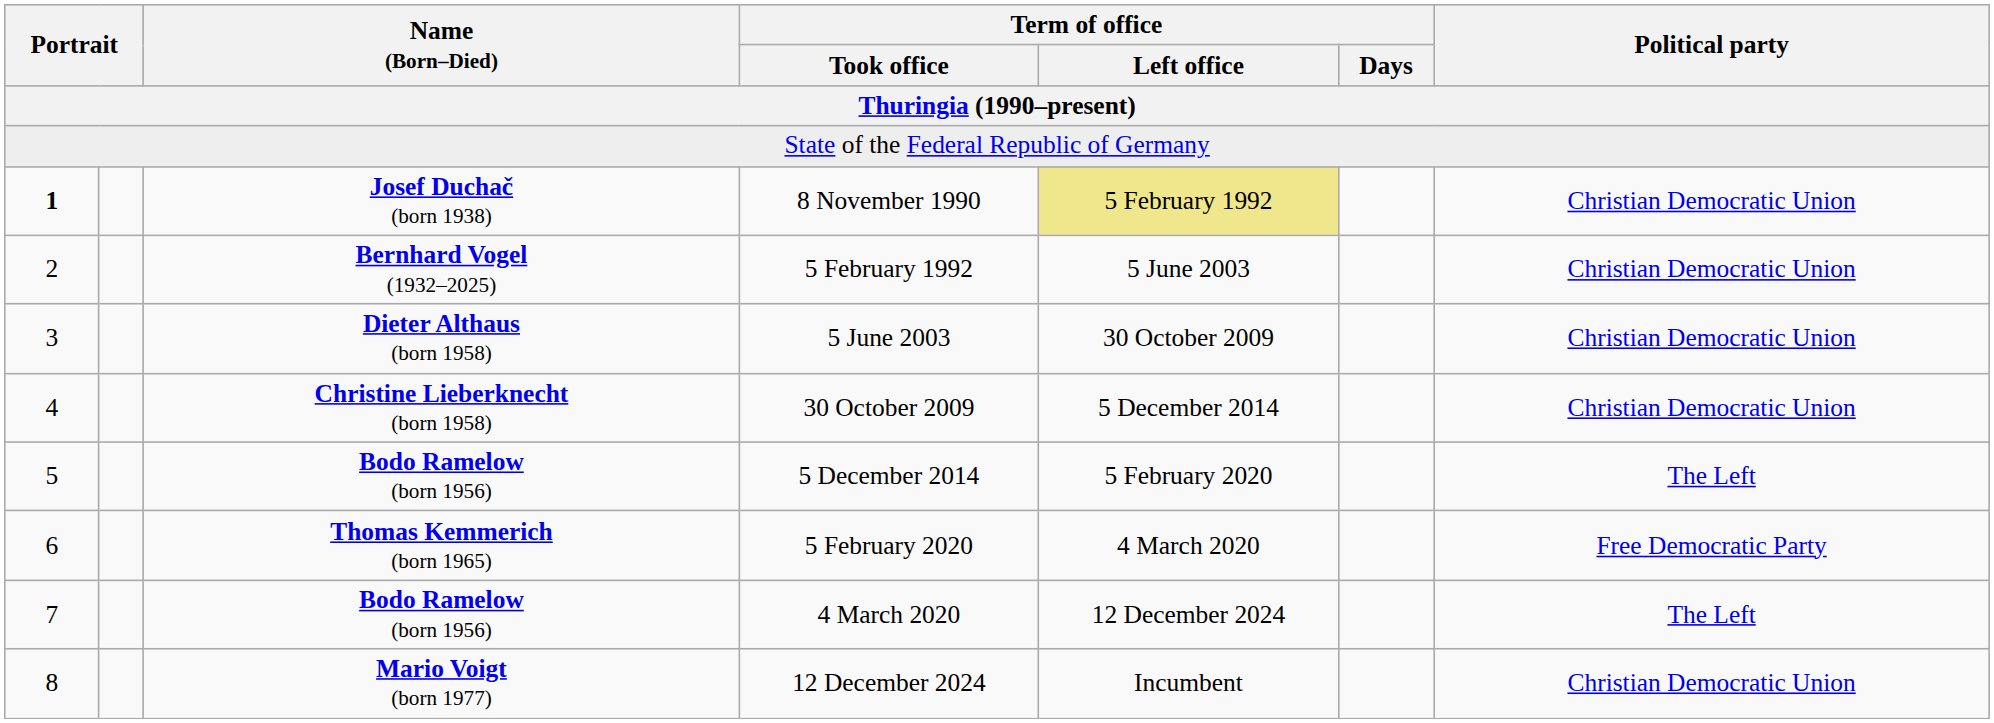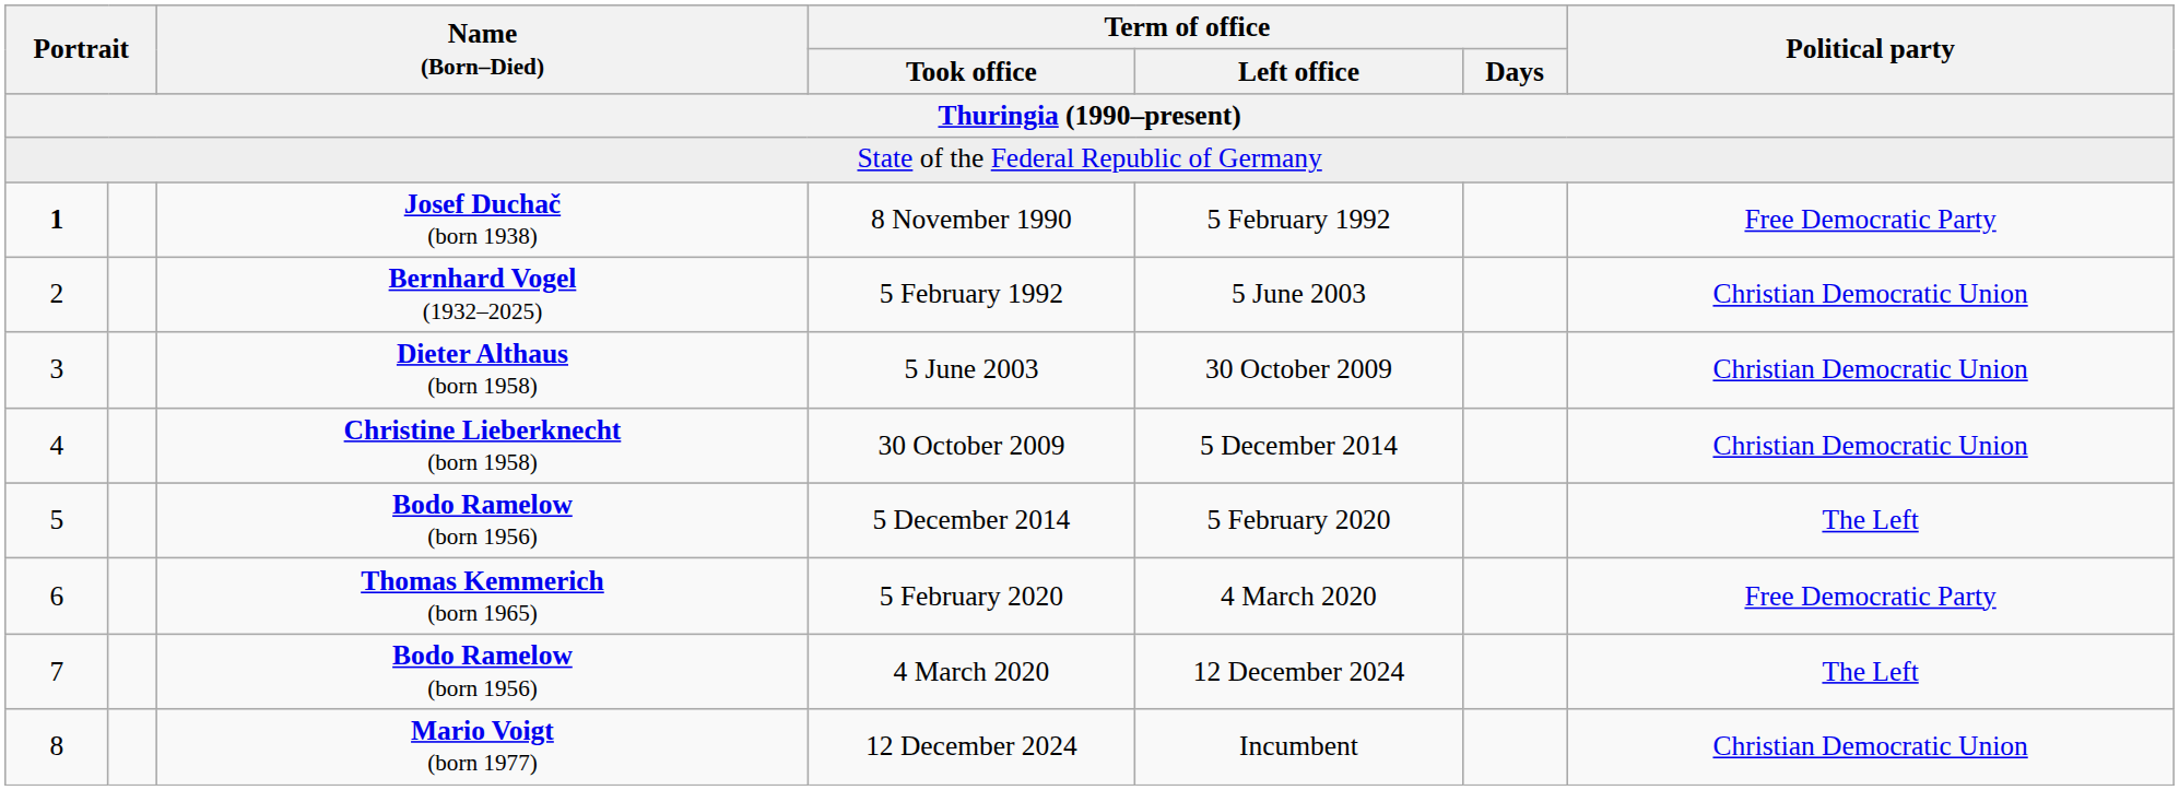 <table class="wikitable" style="text-align:center; border:1px #AAAAFF solid">
 <tr>
 <th width=80px rowspan=2 colspan=2>Portrait</th>
 <th width=30% rowspan=2>Name<br><small>(Born–Died)</small></th>
 <th width=35% colspan=3>Term of office</th>
 <th width=28% rowspan=2>Political party</th>
 </tr>
 <tr>
 <th>Took office</th>
 <th>Left office</th>
 <th>Days</th>
 </tr>
 <tr>
 <th colspan="7"><a href='#'>Thuringia</a> (1990–present)</th>
 </tr>
 <tr>
 <td bgcolor=#EEEEEE colspan=8><a href='#'>State</a> of the <a href='#'>Federal Republic of Germany</a></td>
 </tr>
 <tr>
 <td style="background:"><strong>1</strong></td>
 <td></td>
 <td><strong><a href='#'>Josef Duchač</a></strong><br><small>(born 1938)</small></td>
 <td>8 November 1990</td>
-<td style="background: khaki;">5 February 1992<br></td>
+<td>5 February 1992<br></td>
 <td></td>
-<td><a href='#'>Christian Democratic Union</a></td>
+<td><a href='#'>Free Democratic Party</a></td>
 </tr>
 <tr>
 <td style="background:">2</td>
 <td></td>
 <td><strong><a href='#'>Bernhard Vogel</a></strong><br><small>(1932–2025)</small></td>
 <td>5 February 1992</td>
 <td>5 June 2003<br></td>
 <td></td>
 <td><a href='#'>Christian Democratic Union</a></td>
 </tr>
 <tr>
 <td style="background:">3</td>
 <td></td>
 <td><strong><a href='#'>Dieter Althaus</a></strong><br><small>(born 1958)</small></td>
 <td>5 June 2003</td>
 <td>30 October 2009<br></td>
 <td></td>
 <td><a href='#'>Christian Democratic Union</a></td>
 </tr>
 <tr>
 <td style="background:">4</td>
 <td></td>
 <td><strong><a href='#'>Christine Lieberknecht</a></strong><br><small>(born 1958)</small></td>
 <td>30 October 2009</td>
 <td>5 December 2014</td>
 <td></td>
 <td><a href='#'>Christian Democratic Union</a></td>
 </tr>
 <tr>
 <td style="background:">5</td>
 <td></td>
 <td><strong><a href='#'>Bodo Ramelow</a></strong><br><small>(born 1956)</small><br></td>
 <td>5 December 2014</td>
 <td>5 February 2020</td>
 <td></td>
 <td><a href='#'>The Left</a></td>
 </tr>
 <tr>
 <td style="background:">6</td>
 <td></td>
 <td><strong><a href='#'>Thomas Kemmerich</a></strong><br><small>(born 1965)</small></td>
 <td>5 February 2020</td>
 <td>4 March 2020<br></td>
 <td></td>
 <td><a href='#'>Free Democratic Party</a></td>
 </tr>
 <tr>
 <td style="background:">7<br></td>
 <td></td>
 <td><strong><a href='#'>Bodo Ramelow</a></strong><br><small>(born 1956)</small><br></td>
 <td>4 March 2020</td>
 <td>12 December 2024</td>
 <td></td>
 <td><a href='#'>The Left</a></td>
 </tr>
 <tr>
 <td style="background:">8</td>
 <td></td>
 <td><strong><a href='#'>Mario Voigt</a></strong><br><small>(born 1977)</small></td>
 <td>12 December 2024</td>
 <td>Incumbent</td>
 <td></td>
 <td><a href='#'>Christian Democratic Union</a></td>
 </tr>
 </table>
